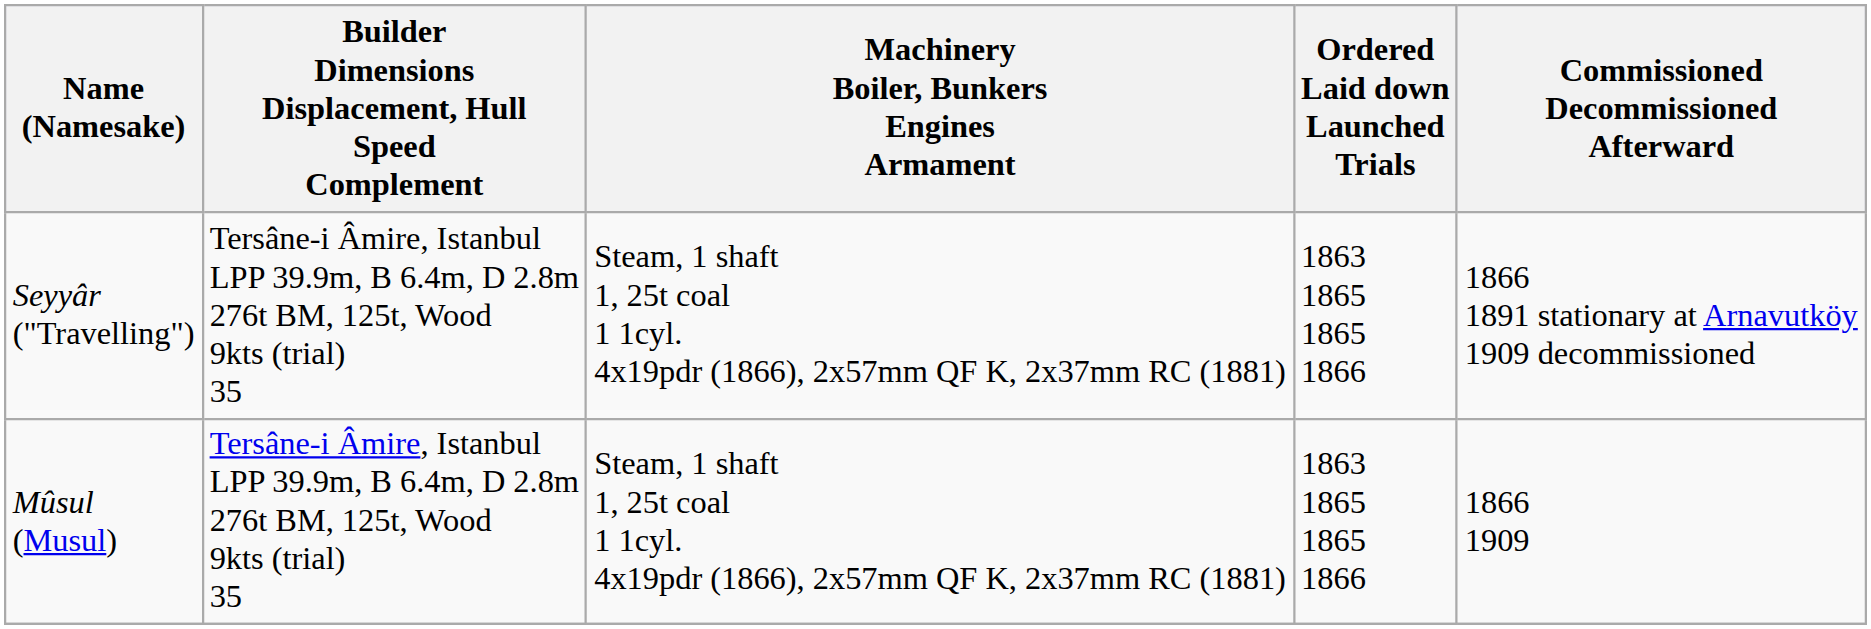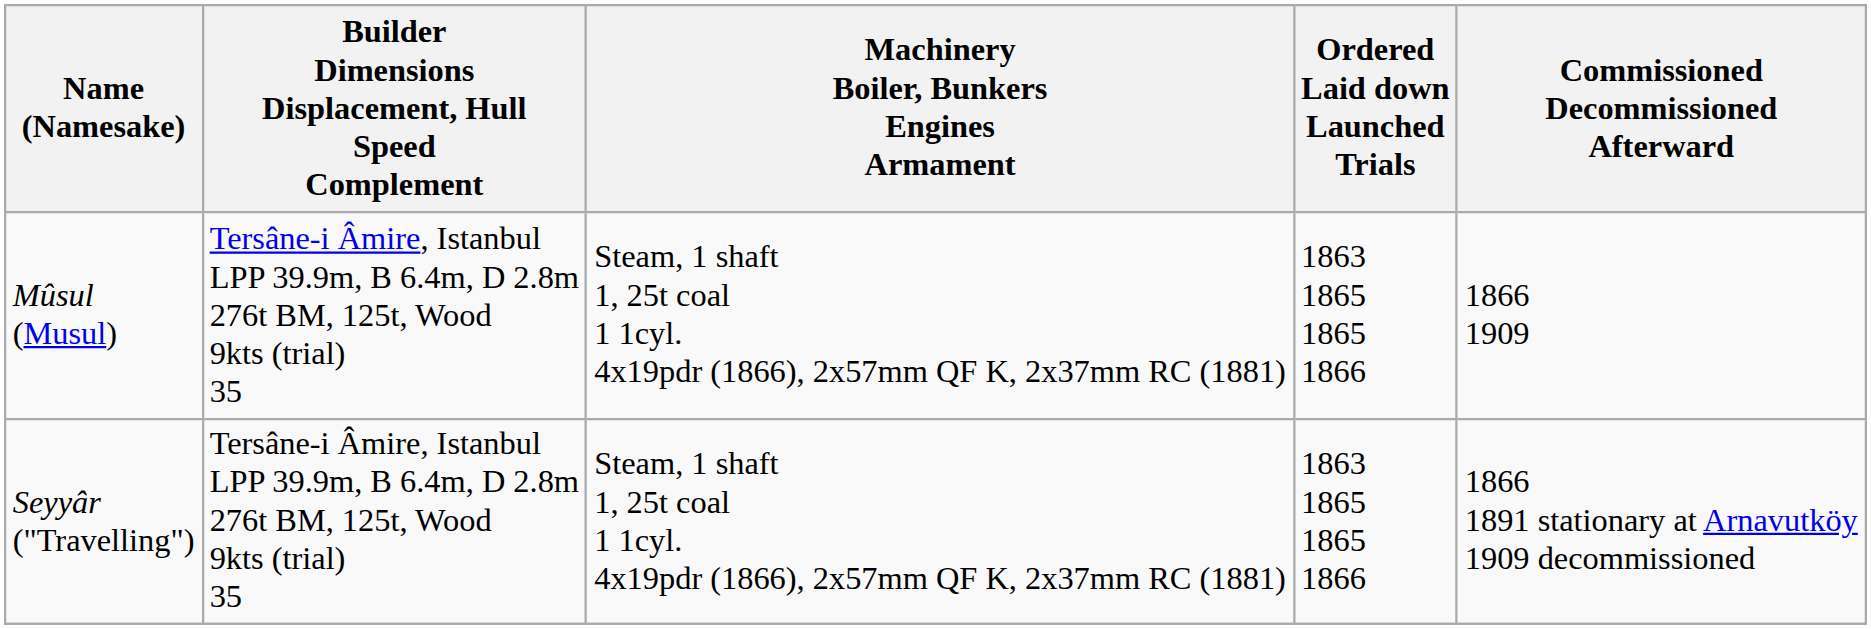 <table class="wikitable" style="font-size:90%;">
 <tr bgcolor="#e6e9ff">
 <th>Name<br>(Namesake)</th>
 <th>Builder<br>Dimensions<br>Displacement, Hull<br>Speed<br>Complement</th>
 <th>Machinery<br>Boiler, Bunkers<br>Engines<br>Armament</th>
 <th>Ordered<br>Laid down<br>Launched<br>Trials</th>
 <th>Commissioned<br>Decommissioned<br>Afterward</th>
 </tr>
 <tr ---->
+<td><em>Mûsul</em><br>(<a href='#'>Musul</a>)</td>
+<td> <a href='#'>Tersâne-i Âmire</a>, Istanbul<br>LPP 39.9m, B 6.4m, D 2.8m<br>276t BM, 125t, Wood<br>9kts (trial)<br>35</td>
+<td>Steam, 1 shaft<br>1, 25t coal<br>1 1cyl.<br>4x19pdr (1866), 2x57mm QF K, 2x37mm RC (1881)</td>
+<td>1863<br>1865<br>1865<br>1866</td>
+<td>1866<br>1909</td>
+</tr>
+<tr ---->
 <td><em>Seyyâr</em><br>("Travelling")</td>
 <td> Tersâne-i Âmire, Istanbul<br>LPP 39.9m, B 6.4m, D 2.8m<br>276t BM, 125t, Wood<br>9kts (trial)<br>35</td>
 <td>Steam, 1 shaft<br>1, 25t coal<br>1 1cyl.<br>4x19pdr (1866), 2x57mm QF K, 2x37mm RC (1881)</td>
 <td>1863<br>1865<br>1865<br>1866</td>
 <td>1866<br>1891 stationary at <a href='#'>Arnavutköy</a><br>1909 decommissioned</td>
 </tr>
 <tr ---->
-<td><em>Mûsul</em><br>(<a href='#'>Musul</a>)</td>
-<td> <a href='#'>Tersâne-i Âmire</a>, Istanbul<br>LPP 39.9m, B 6.4m, D 2.8m<br>276t BM, 125t, Wood<br>9kts (trial)<br>35</td>
-<td>Steam, 1 shaft<br>1, 25t coal<br>1 1cyl.<br>4x19pdr (1866), 2x57mm QF K, 2x37mm RC (1881)</td>
-<td>1863<br>1865<br>1865<br>1866</td>
-<td>1866<br>1909</td>
-</tr>
-<tr ---->
 </tr>
 </table>
